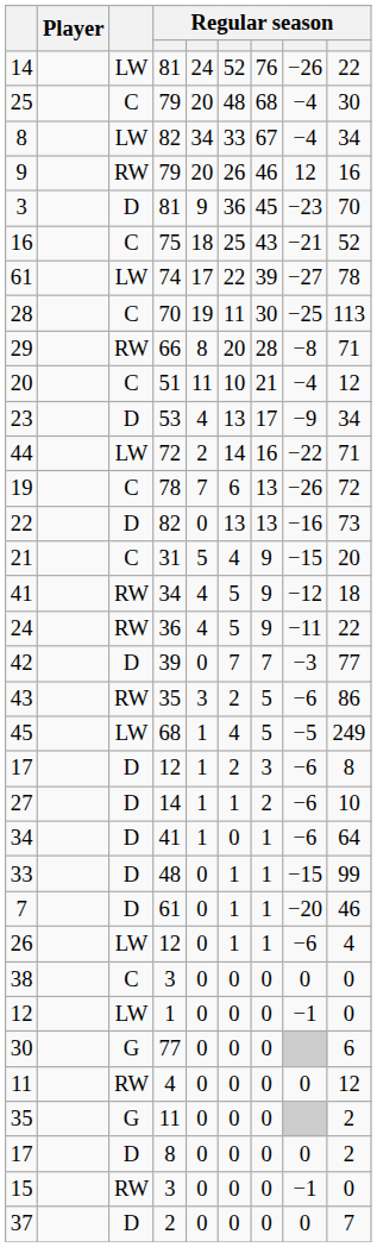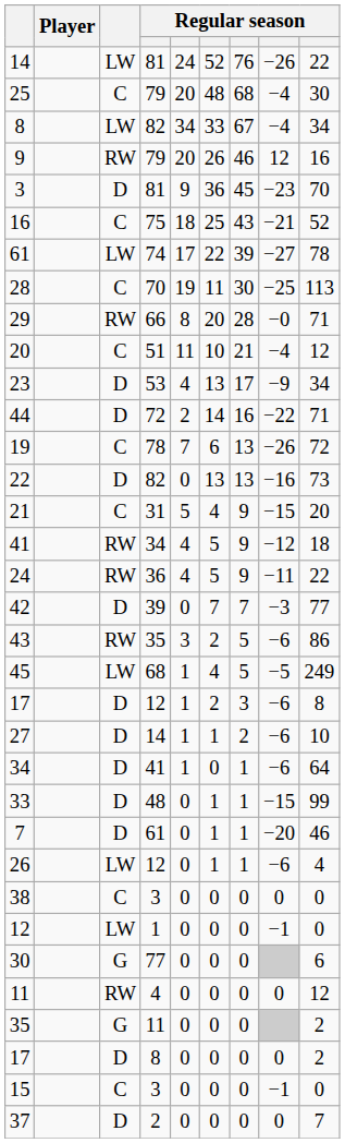 <table class="wikitable sortable plainrowheaders" style="text-align:center;">
 <tr>
 <th scope="col" data-sort-type="number" rowspan="2"></th>
 <th scope="col" rowspan="2">Player</th>
 <th scope="col" rowspan="2"></th>
 <th scope=colgroup colspan=6>Regular season</th>
 </tr>
 <tr>
 <th scope="col" data-sort-type="number"></th>
 <th scope="col" data-sort-type="number"></th>
 <th scope="col" data-sort-type="number"></th>
 <th scope="col" data-sort-type="number"></th>
 <th scope="col" data-sort-type="number"></th>
 <th scope="col" data-sort-type="number"></th>
 </tr>
 <tr>
 <td scope="row">14</td>
 <td align="left"></td>
 <td>LW</td>
 <td>81</td>
 <td>24</td>
 <td>52</td>
 <td>76</td>
 <td>−26</td>
 <td>22</td>
 </tr>
 <tr>
 <td scope="row">25</td>
 <td align="left"></td>
 <td>C</td>
 <td>79</td>
 <td>20</td>
 <td>48</td>
 <td>68</td>
 <td>−4</td>
 <td>30</td>
 </tr>
 <tr>
 <td scope="row">8</td>
 <td align="left"></td>
 <td>LW</td>
 <td>82</td>
 <td>34</td>
 <td>33</td>
 <td>67</td>
 <td>−4</td>
 <td>34</td>
 </tr>
 <tr>
 <td scope="row">9</td>
 <td align="left"></td>
 <td>RW</td>
 <td>79</td>
 <td>20</td>
 <td>26</td>
 <td>46</td>
 <td>12</td>
 <td>16</td>
 </tr>
 <tr>
 <td scope="row">3</td>
 <td align="left"></td>
 <td>D</td>
 <td>81</td>
 <td>9</td>
 <td>36</td>
 <td>45</td>
 <td>−23</td>
 <td>70</td>
 </tr>
 <tr>
 <td scope="row">16</td>
 <td align="left"></td>
 <td>C</td>
 <td>75</td>
 <td>18</td>
 <td>25</td>
 <td>43</td>
 <td>−21</td>
 <td>52</td>
 </tr>
 <tr>
 <td scope="row">61</td>
 <td align="left"></td>
 <td>LW</td>
 <td>74</td>
 <td>17</td>
 <td>22</td>
 <td>39</td>
 <td>−27</td>
 <td>78</td>
 </tr>
 <tr>
 <td scope="row">28</td>
 <td align="left"></td>
 <td>C</td>
 <td>70</td>
 <td>19</td>
 <td>11</td>
 <td>30</td>
 <td>−25</td>
 <td>113</td>
 </tr>
 <tr>
 <td scope="row">29</td>
 <td align="left"></td>
 <td>RW</td>
 <td>66</td>
 <td>8</td>
 <td>20</td>
 <td>28</td>
-<td>−8</td>
+<td>−0</td>
 <td>71</td>
 </tr>
 <tr>
 <td scope="row">20</td>
 <td align="left"></td>
 <td>C</td>
 <td>51</td>
 <td>11</td>
 <td>10</td>
 <td>21</td>
 <td>−4</td>
 <td>12</td>
 </tr>
 <tr>
 <td scope="row">23</td>
 <td align="left"></td>
 <td>D</td>
 <td>53</td>
 <td>4</td>
 <td>13</td>
 <td>17</td>
 <td>−9</td>
 <td>34</td>
 </tr>
 <tr>
 <td scope="row">44</td>
 <td align="left"></td>
-<td>LW</td>
+<td>D</td>
 <td>72</td>
 <td>2</td>
 <td>14</td>
 <td>16</td>
 <td>−22</td>
 <td>71</td>
 </tr>
 <tr>
 <td scope="row">19</td>
 <td align="left"></td>
 <td>C</td>
 <td>78</td>
 <td>7</td>
 <td>6</td>
 <td>13</td>
 <td>−26</td>
 <td>72</td>
 </tr>
 <tr>
 <td scope="row">22</td>
 <td align="left"></td>
 <td>D</td>
 <td>82</td>
 <td>0</td>
 <td>13</td>
 <td>13</td>
 <td>−16</td>
 <td>73</td>
 </tr>
 <tr>
 <td scope="row">21</td>
 <td align="left"></td>
 <td>C</td>
 <td>31</td>
 <td>5</td>
 <td>4</td>
 <td>9</td>
 <td>−15</td>
 <td>20</td>
 </tr>
 <tr>
 <td scope="row">41</td>
 <td align="left"></td>
 <td>RW</td>
 <td>34</td>
 <td>4</td>
 <td>5</td>
 <td>9</td>
 <td>−12</td>
 <td>18</td>
 </tr>
 <tr>
 <td scope="row">24</td>
 <td align="left"></td>
 <td>RW</td>
 <td>36</td>
 <td>4</td>
 <td>5</td>
 <td>9</td>
 <td>−11</td>
 <td>22</td>
 </tr>
 <tr>
 <td scope="row">42</td>
 <td align="left"></td>
 <td>D</td>
 <td>39</td>
 <td>0</td>
 <td>7</td>
 <td>7</td>
 <td>−3</td>
 <td>77</td>
 </tr>
 <tr>
 <td scope="row">43</td>
 <td align="left"></td>
 <td>RW</td>
 <td>35</td>
 <td>3</td>
 <td>2</td>
 <td>5</td>
 <td>−6</td>
 <td>86</td>
 </tr>
 <tr>
 <td scope="row">45</td>
 <td align="left"></td>
 <td>LW</td>
 <td>68</td>
 <td>1</td>
 <td>4</td>
 <td>5</td>
 <td>−5</td>
 <td>249</td>
 </tr>
 <tr>
 <td scope="row">17</td>
 <td align="left"></td>
 <td>D</td>
 <td>12</td>
 <td>1</td>
 <td>2</td>
 <td>3</td>
 <td>−6</td>
 <td>8</td>
 </tr>
 <tr>
 <td scope="row">27</td>
 <td align="left"></td>
 <td>D</td>
 <td>14</td>
 <td>1</td>
 <td>1</td>
 <td>2</td>
 <td>−6</td>
 <td>10</td>
 </tr>
 <tr>
 <td scope="row">34</td>
 <td align="left"></td>
 <td>D</td>
 <td>41</td>
 <td>1</td>
 <td>0</td>
 <td>1</td>
 <td>−6</td>
 <td>64</td>
 </tr>
 <tr>
 <td scope="row">33</td>
 <td align="left"></td>
 <td>D</td>
 <td>48</td>
 <td>0</td>
 <td>1</td>
 <td>1</td>
 <td>−15</td>
 <td>99</td>
 </tr>
 <tr>
 <td scope="row">7</td>
 <td align="left"></td>
 <td>D</td>
 <td>61</td>
 <td>0</td>
 <td>1</td>
 <td>1</td>
 <td>−20</td>
 <td>46</td>
 </tr>
 <tr>
 <td scope="row">26</td>
 <td align="left"></td>
 <td>LW</td>
 <td>12</td>
 <td>0</td>
 <td>1</td>
 <td>1</td>
 <td>−6</td>
 <td>4</td>
 </tr>
 <tr>
 <td scope="row">38</td>
 <td align="left"></td>
 <td>C</td>
 <td>3</td>
 <td>0</td>
 <td>0</td>
 <td>0</td>
 <td>0</td>
 <td>0</td>
 </tr>
 <tr>
 <td scope="row">12</td>
 <td align="left"></td>
 <td>LW</td>
 <td>1</td>
 <td>0</td>
 <td>0</td>
 <td>0</td>
 <td>−1</td>
 <td>0</td>
 </tr>
 <tr>
 <td scope="row">30</td>
 <td align="left"></td>
 <td>G</td>
 <td>77</td>
 <td>0</td>
 <td>0</td>
 <td>0</td>
 <td style="background:#ccc"></td>
 <td>6</td>
 </tr>
 <tr>
 <td scope="row">11</td>
 <td align="left"></td>
 <td>RW</td>
 <td>4</td>
 <td>0</td>
 <td>0</td>
 <td>0</td>
 <td>0</td>
 <td>12</td>
 </tr>
 <tr>
 <td scope="row">35</td>
 <td align="left"></td>
 <td>G</td>
 <td>11</td>
 <td>0</td>
 <td>0</td>
 <td>0</td>
 <td style="background:#ccc"></td>
 <td>2</td>
 </tr>
 <tr>
 <td scope="row">17</td>
 <td align="left"></td>
 <td>D</td>
 <td>8</td>
 <td>0</td>
 <td>0</td>
 <td>0</td>
 <td>0</td>
 <td>2</td>
 </tr>
 <tr>
 <td scope="row">15</td>
 <td align="left"></td>
-<td>RW</td>
+<td>C</td>
 <td>3</td>
 <td>0</td>
 <td>0</td>
 <td>0</td>
 <td>−1</td>
 <td>0</td>
 </tr>
 <tr>
 <td scope="row">37</td>
 <td align="left"></td>
 <td>D</td>
 <td>2</td>
 <td>0</td>
 <td>0</td>
 <td>0</td>
 <td>0</td>
 <td>7</td>
 </tr>
 </table>
